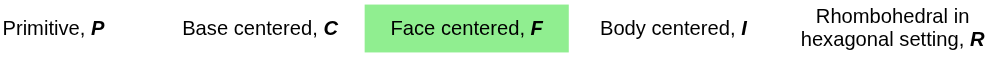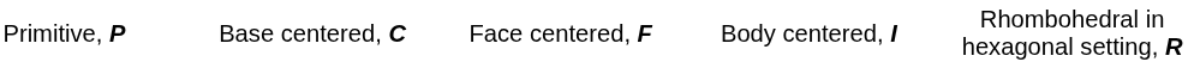 <table style="margin:1em auto">
 <tr>
 <th width="160"></th>
 <th width="160"></th>
 <th width="160"></th>
 <th width="160"></th>
 <th width="180"></th>
 </tr>
 <tr align="center">
 <td>Primitive, <strong><em>P</em></strong></td>
 <td>Base centered, <strong><em>C</em></strong></td>
-<td style="background: lightgreen;">Face centered, <strong><em>F</em></strong></td>
+<td>Face centered, <strong><em>F</em></strong></td>
 <td>Body centered,  <strong><em>I</em></strong></td>
 <td>Rhombohedral in hexagonal setting, <strong><em>R</em></strong></td>
 </tr>
 </table>
